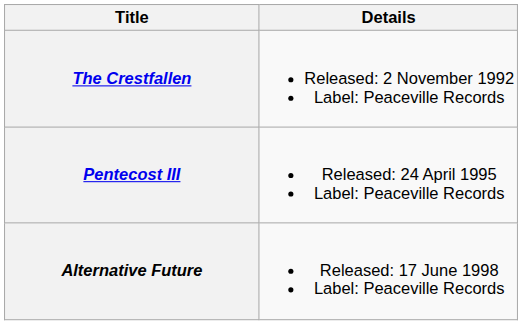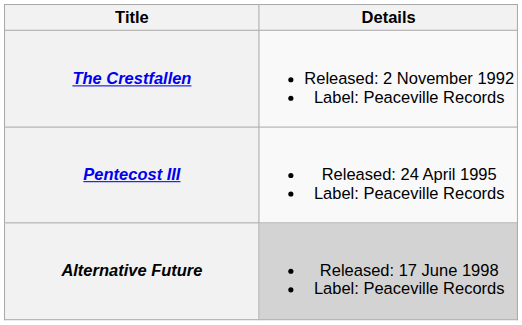 <table class="wikitable plainrowheaders" style="text-align:center;">
 <tr>
 <th scope="col" style="width:15em;">Title</th>
 <th scope="col">Details</th>
 </tr>
 <tr>
 <th scope="row"><em><a href='#'>The Crestfallen</a></em></th>
 <td><br><ul><li>Released: 2 November 1992</li><li>Label: Peaceville Records</li></ul></td>
 </tr>
 <tr>
 <th scope="row"><em><a href='#'>Pentecost III</a></em></th>
 <td><br><ul><li>Released: 24 April 1995</li><li>Label: Peaceville Records</li></ul></td>
 </tr>
 <tr>
 <th scope="row"><em>Alternative Future</em></th>
-<td><br><ul><li>Released: 17 June 1998</li><li>Label: Peaceville Records</li></ul></td>
+<td style="background: lightgrey;"><br><ul><li>Released: 17 June 1998</li><li>Label: Peaceville Records</li></ul></td>
 </tr>
 </table>
